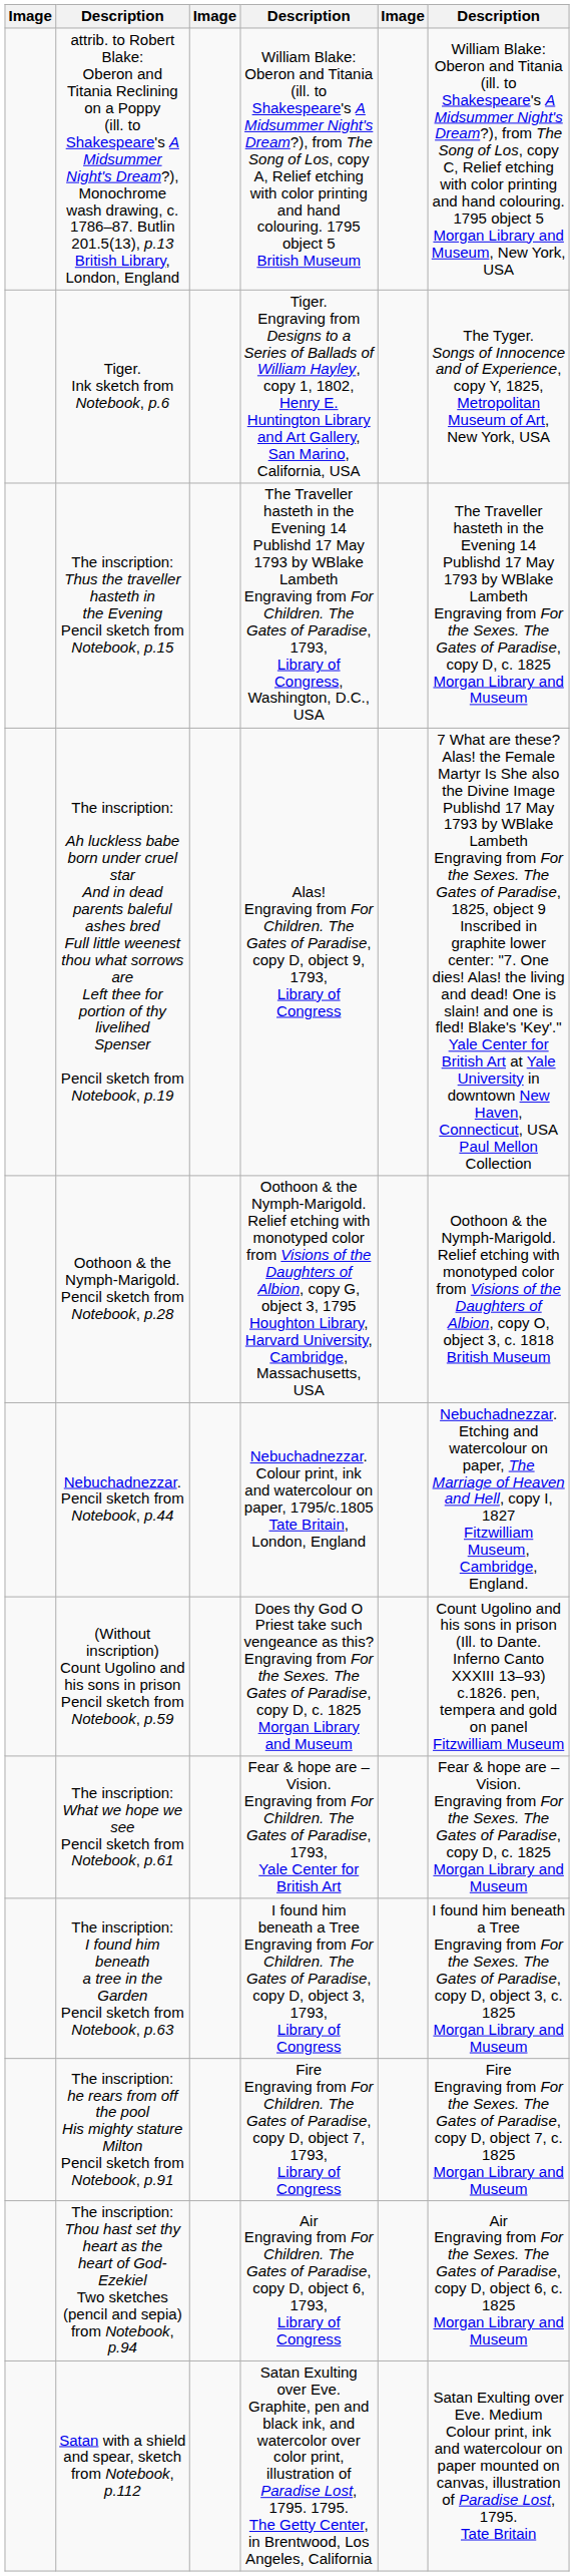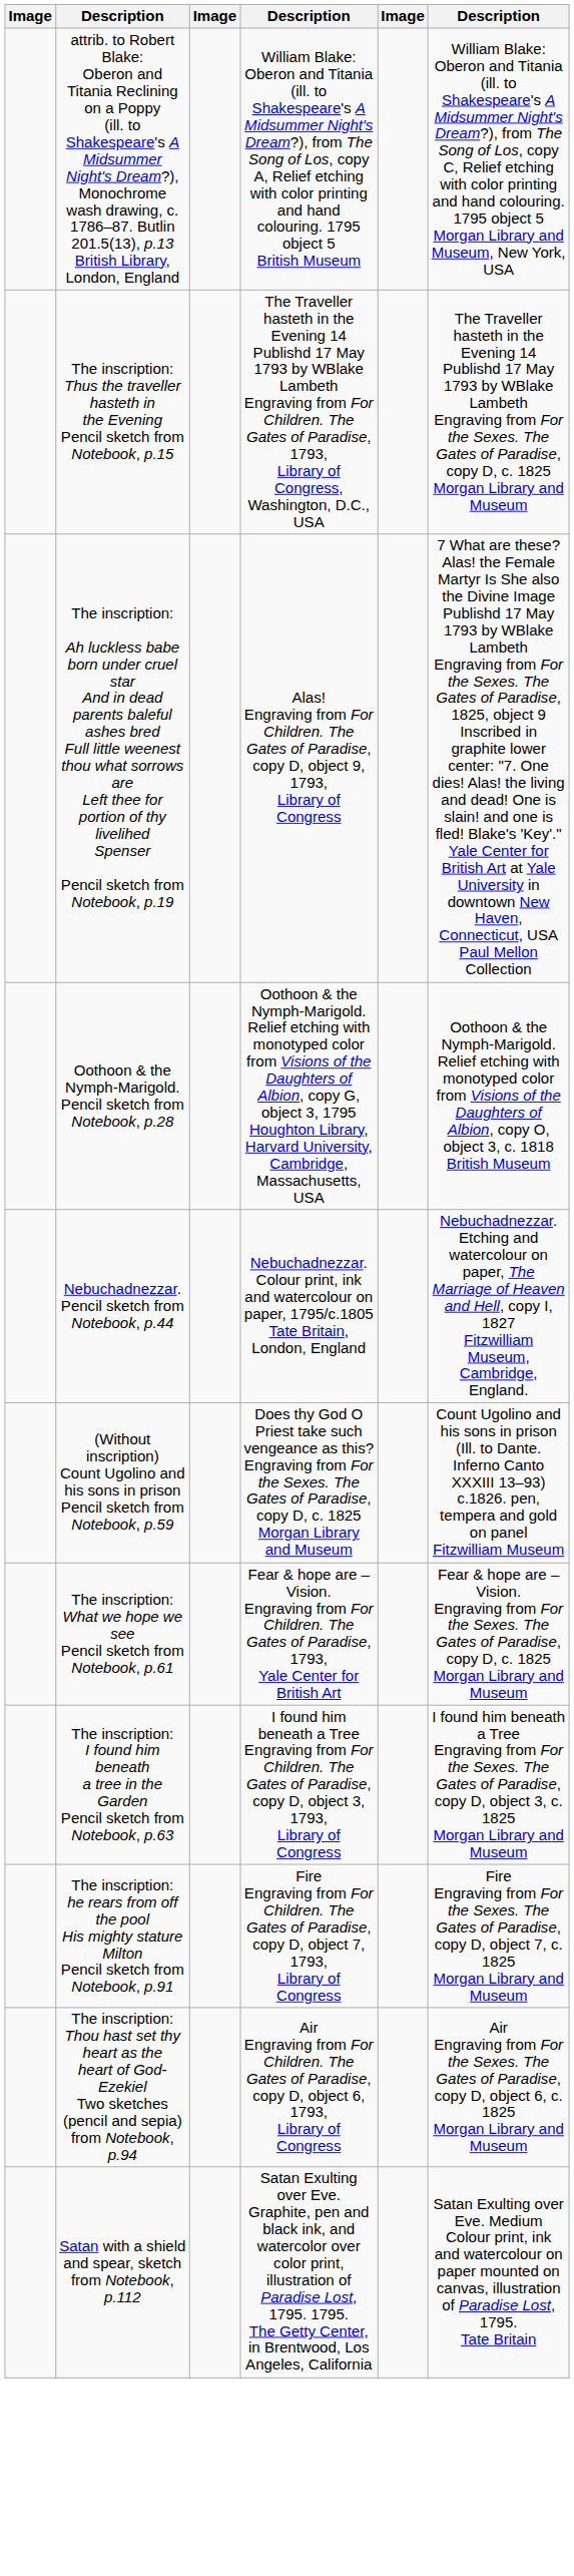 <table class="wikitable unsortable" style="margin-left:0.5em; text-align:center">
 <tr>
 <th>Image</th>
 <th>Description</th>
 <th>Image</th>
 <th>Description</th>
 <th>Image</th>
 <th>Description</th>
 </tr>
 <tr>
 <td></td>
 <td>attrib. to Robert Blake: <br> Oberon and Titania Reclining on a Poppy <br> (ill. to <a href='#'>Shakespeare</a>'s <em><a href='#'>A Midsummer Night's Dream</a></em>?), Monochrome wash drawing, c. 1786–87. Butlin 201.5(13), <em>p.13</em> <br> <a href='#'>British Library</a>, London, England</td>
 <td></td>
 <td>William Blake: <br> Oberon and Titania <br> (ill. to <a href='#'>Shakespeare</a>'s <em><a href='#'>A Midsummer Night's Dream</a></em>?), from <em>The Song of Los</em>, copy A, Relief etching with color printing and hand colouring. 1795 object 5 <br> <a href='#'>British Museum</a></td>
 <td></td>
 <td>William Blake: <br> Oberon and Titania <br> (ill. to <a href='#'>Shakespeare</a>'s <em><a href='#'>A Midsummer Night's Dream</a></em>?), from <em>The Song of Los</em>, copy C, Relief etching with color printing and hand colouring. 1795 object 5 <br> <a href='#'>Morgan Library and Museum</a>, New York, USA</td>
-</tr>
-<tr>
-<td></td>
-<td>Tiger. <br> Ink sketch from <em>Notebook</em>, <em>p.6</em></td>
-<td></td>
-<td>Tiger. <br>Engraving from <em>Designs to a Series of Ballads of <a href='#'>William Hayley</a></em>, copy 1, 1802, <br> <a href='#'>Henry E. Huntington Library and Art Gallery</a>, <a href='#'>San Marino</a>, California, USA</td>
-<td></td>
-<td>The Tyger. <br><em>Songs of Innocence and of Experience</em>, copy Y, 1825, <br> <a href='#'>Metropolitan Museum of Art</a>, New York, USA</td>
 </tr>
 <tr>
 <td></td>
 <td>The inscription:<br><em>Thus the traveller hasteth in<br>the Evening</em> <br>Pencil sketch from <em>Notebook</em>, <em>p.15</em></td>
 <td></td>
 <td>The Traveller hasteth in the Evening 14 Publishd  17 May 1793 by WBlake Lambeth <br>Engraving from <em>For Children. The Gates of Paradise</em>, 1793, <br> <a href='#'>Library of Congress</a>, Washington, D.C., USA</td>
 <td></td>
 <td>The Traveller hasteth in the Evening 14 Publishd  17 May 1793 by WBlake Lambeth <br>Engraving from <em>For the Sexes. The Gates of Paradise</em>, copy D, c. 1825 <br><a href='#'>Morgan Library and Museum</a></td>
 </tr>
 <tr>
 <td></td>
 <td>The inscription:<br><br><em>Ah luckless babe born under cruel star</em><br>   <em>And in dead parents baleful ashes bred</em><br>   <em>Full little weenest thou what sorrows are</em><br>   <em>Left thee for portion of thy livelihed<br>Spenser</em><br>  <br> Pencil sketch from <em>Notebook</em>, <em>p.19</em></td>
 <td></td>
 <td>Alas! <br>Engraving from <em>For Children. The Gates of Paradise</em>, copy D, object 9, 1793, <br> <a href='#'>Library of Congress</a></td>
 <td></td>
 <td>7 What are these? Alas! the Female Martyr Is She also the Divine Image Publishd  17 May 1793 by WBlake Lambeth <br>Engraving from <em>For the Sexes. The Gates of Paradise</em>, 1825, object 9 Inscribed in graphite lower center: "7. One dies! Alas! the living and dead! One is slain! and one is fled! Blake's 'Key'." <br> <a href='#'>Yale Center for British Art</a> at <a href='#'>Yale University</a> in downtown <a href='#'>New Haven</a>, <a href='#'>Connecticut</a>, USA <br> <a href='#'>Paul Mellon</a> Collection</td>
 </tr>
 <tr>
 <td></td>
 <td>Oothoon & the Nymph-Marigold. <br>Pencil sketch from <em>Notebook</em>, <em>p.28</em></td>
 <td></td>
 <td>Oothoon & the Nymph-Marigold. <br> Relief etching with monotyped color from <em><a href='#'>Visions of the Daughters of Albion</a></em>, copy G, object 3, 1795 <br> <a href='#'>Houghton Library</a>, <a href='#'>Harvard University</a>, <a href='#'>Cambridge</a>, Massachusetts, USA</td>
 <td></td>
 <td>Oothoon & the Nymph-Marigold. <br> Relief etching with monotyped color from <em><a href='#'>Visions of the Daughters of Albion</a></em>, copy O, object 3, c. 1818 <br><a href='#'>British Museum</a></td>
 </tr>
 <tr>
 <td></td>
 <td><a href='#'>Nebuchadnezzar</a>. <br>Pencil sketch from <em>Notebook</em>, <em>p.44</em></td>
 <td></td>
 <td><a href='#'>Nebuchadnezzar</a>. <br>Colour print, ink and watercolour on paper, 1795/c.1805 <br> <a href='#'>Tate Britain</a>, London, England</td>
 <td></td>
 <td><a href='#'>Nebuchadnezzar</a>. <br>Etching and watercolour on paper, <em><a href='#'>The Marriage of Heaven and Hell</a></em>, copy I, 1827 <br> <a href='#'>Fitzwilliam Museum</a>, <a href='#'>Cambridge</a>, England.</td>
 </tr>
 <tr>
 <td></td>
 <td>(Without inscription) <br>Count Ugolino and his sons in prison <br>Pencil sketch from <em>Notebook</em>, <em>p.59</em></td>
 <td></td>
 <td>Does thy God O Priest take such vengeance as this? <br>Engraving from <em>For the Sexes. The Gates of Paradise</em>, copy D, c. 1825 <br><a href='#'>Morgan Library and Museum</a></td>
 <td></td>
 <td>Count Ugolino and his sons in prison (Ill. to Dante. Inferno Canto XXXIII 13–93) c.1826. pen, tempera and gold on panel <br> <a href='#'>Fitzwilliam Museum</a></td>
 </tr>
 <tr>
 <td></td>
 <td>The inscription: <br><em>What we hope we see</em>  <br>Pencil sketch from <em>Notebook</em>, <em>p.61</em></td>
 <td></td>
 <td>Fear & hope are – Vision. <br>Engraving from <em>For Children. The Gates of Paradise</em>, 1793, <br> <a href='#'>Yale Center for British Art</a></td>
 <td></td>
 <td>Fear & hope are – Vision. <br>Engraving from <em>For the Sexes. The Gates of Paradise</em>, copy D, c. 1825 <br> <a href='#'>Morgan Library and Museum</a></td>
 </tr>
 <tr>
 <td></td>
 <td>The inscription: <br> <em>I found him beneath<br>a tree in the Garden</em> <br>Pencil sketch from <em>Notebook</em>, <em>p.63</em></td>
 <td></td>
 <td>I found him beneath a Tree <br>Engraving from <em>For Children. The Gates of Paradise</em>, copy D, object 3, 1793, <br> <a href='#'>Library of Congress</a></td>
 <td></td>
 <td>I found him beneath a Tree <br>Engraving from <em>For the Sexes. The Gates of Paradise</em>, copy D, object 3, c. 1825 <br> <a href='#'>Morgan Library and Museum</a></td>
 </tr>
 <tr>
 <td></td>
 <td>The inscription: <br> <em>he rears from off the pool<br>His mighty stature<br>Milton</em> <br>Pencil sketch from <em>Notebook</em>, <em>p.91</em></td>
 <td></td>
 <td>Fire <br>Engraving from <em>For Children. The Gates of Paradise</em>, copy D, object 7, 1793, <br> <a href='#'>Library of Congress</a></td>
 <td></td>
 <td>Fire <br>Engraving from <em>For the Sexes. The Gates of Paradise</em>, copy D, object 7, c. 1825 <br> <a href='#'>Morgan Library and Museum</a></td>
 </tr>
 <tr>
 <td></td>
 <td>The inscription: <br> <em>Thou hast set thy heart as the<br>heart of God-<br>Ezekiel</em> <br>Two sketches (pencil and sepia) from <em>Notebook</em>, <em>p.94</em></td>
 <td></td>
 <td>Air <br>Engraving from <em>For Children. The Gates of Paradise</em>, copy D, object 6, 1793, <br> <a href='#'>Library of Congress</a></td>
 <td></td>
 <td>Air <br>Engraving from <em>For the Sexes. The Gates of Paradise</em>, copy D, object 6, c. 1825 <br> <a href='#'>Morgan Library and Museum</a></td>
 </tr>
 <tr>
 <td></td>
 <td><a href='#'>Satan</a> with a shield and spear, sketch from <em>Notebook</em>, <em>p.112</em></td>
 <td></td>
 <td>Satan Exulting over Eve. <br>Graphite, pen and black ink, and watercolor over color print, illustration of <em><a href='#'>Paradise Lost</a></em>, 1795. 1795. <br><a href='#'>The Getty Center</a>, in Brentwood, Los Angeles, California</td>
 <td></td>
 <td>Satan Exulting over Eve. Medium Colour print, ink and watercolour on paper mounted on canvas, illustration of <em><a href='#'>Paradise Lost</a></em>, 1795. <br> <a href='#'>Tate Britain</a></td>
 </tr>
 </table>
